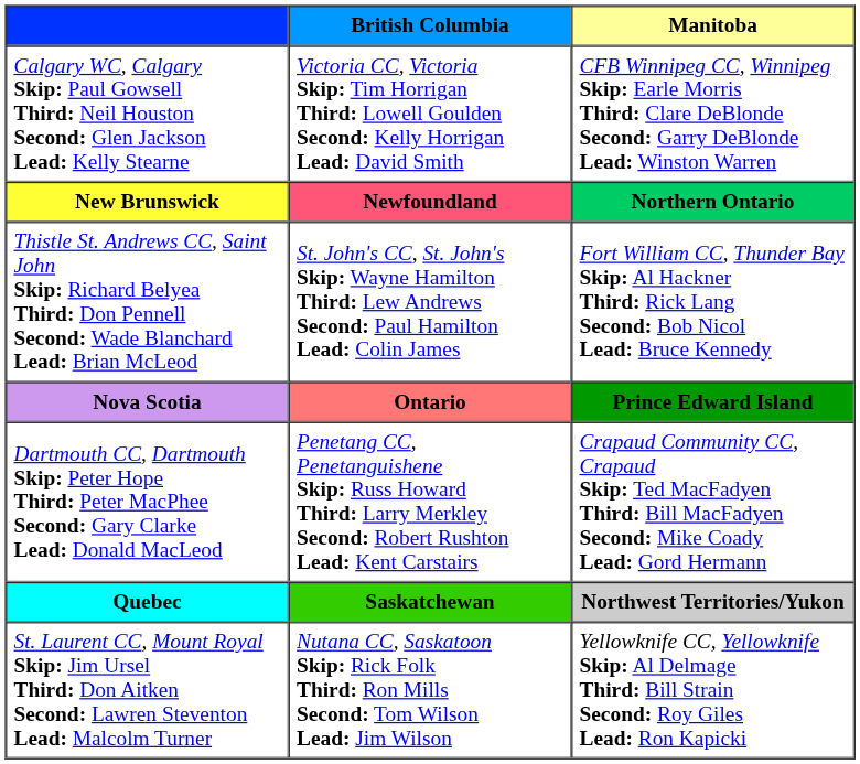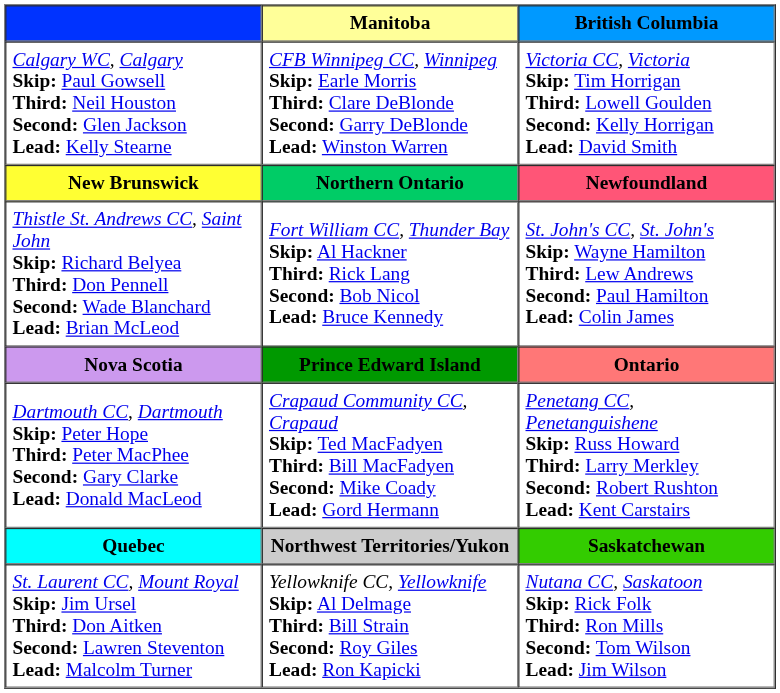 <table border=1 cellpadding=5 cellspacing=0>
 <tr>
 <th style="background:#03f; width:200px;"></th>
+<th style="background:#ff9; width:200px;">Manitoba</th>
 <th style="background:#09f; width:200px;">British Columbia</th>
-<th style="background:#ff9; width:200px;">Manitoba</th>
 </tr>
 <tr>
 <td><em><a href='#'>Calgary WC</a>, <a href='#'>Calgary</a></em><br><strong>Skip:</strong> <a href='#'>Paul Gowsell</a><br> <strong>Third:</strong> <a href='#'>Neil Houston</a><br> <strong>Second:</strong> <a href='#'>Glen Jackson</a><br> <strong>Lead:</strong> <a href='#'>Kelly Stearne</a></td>
+<td><em><a href='#'>CFB Winnipeg CC</a>, <a href='#'>Winnipeg</a></em><br><strong>Skip:</strong> <a href='#'>Earle Morris</a><br> <strong>Third:</strong> <a href='#'>Clare DeBlonde</a><br> <strong>Second:</strong> <a href='#'>Garry DeBlonde</a><br> <strong>Lead:</strong> <a href='#'>Winston Warren</a></td>
 <td><em><a href='#'>Victoria CC</a>, <a href='#'>Victoria</a></em><br><strong>Skip:</strong> <a href='#'>Tim Horrigan</a><br> <strong>Third:</strong> <a href='#'>Lowell Goulden</a><br> <strong>Second:</strong> <a href='#'>Kelly Horrigan</a><br> <strong>Lead:</strong> <a href='#'>David Smith</a></td>
-<td><em><a href='#'>CFB Winnipeg CC</a>, <a href='#'>Winnipeg</a></em><br><strong>Skip:</strong> <a href='#'>Earle Morris</a><br> <strong>Third:</strong> <a href='#'>Clare DeBlonde</a><br> <strong>Second:</strong> <a href='#'>Garry DeBlonde</a><br> <strong>Lead:</strong> <a href='#'>Winston Warren</a></td>
 </tr>
 <tr>
 <th style="background:#ff3; width:200px;">New Brunswick</th>
+<th style="background:#0c6; width:200px;">Northern Ontario</th>
 <th style="background:#f57; width:200px;">Newfoundland</th>
-<th style="background:#0c6; width:200px;">Northern Ontario</th>
 </tr>
 <tr>
 <td><em><a href='#'>Thistle St. Andrews CC</a>, <a href='#'>Saint John</a></em><br><strong>Skip:</strong> <a href='#'>Richard Belyea</a><br> <strong>Third:</strong> <a href='#'>Don Pennell</a><br> <strong>Second:</strong> <a href='#'>Wade Blanchard</a><br> <strong>Lead:</strong> <a href='#'>Brian McLeod</a></td>
+<td><em><a href='#'>Fort William CC</a>, <a href='#'>Thunder Bay</a></em><br><strong>Skip:</strong> <a href='#'>Al Hackner</a><br> <strong>Third:</strong> <a href='#'>Rick Lang</a><br> <strong>Second:</strong> <a href='#'>Bob Nicol</a><br> <strong>Lead:</strong> <a href='#'>Bruce Kennedy</a></td>
 <td><em><a href='#'>St. John's CC</a>, <a href='#'>St. John's</a></em><br><strong>Skip:</strong> <a href='#'>Wayne Hamilton</a><br> <strong>Third:</strong> <a href='#'>Lew Andrews</a><br> <strong>Second:</strong> <a href='#'>Paul Hamilton</a><br> <strong>Lead:</strong> <a href='#'>Colin James</a></td>
-<td><em><a href='#'>Fort William CC</a>, <a href='#'>Thunder Bay</a></em><br><strong>Skip:</strong> <a href='#'>Al Hackner</a><br> <strong>Third:</strong> <a href='#'>Rick Lang</a><br> <strong>Second:</strong> <a href='#'>Bob Nicol</a><br> <strong>Lead:</strong> <a href='#'>Bruce Kennedy</a></td>
 </tr>
 <tr>
 <th style="background:#c9e; width:200px;">Nova Scotia</th>
+<th style="background:#090; width:200px;">Prince Edward Island</th>
 <th style="background:#f77; width:200px;">Ontario</th>
-<th style="background:#090; width:200px;">Prince Edward Island</th>
 </tr>
 <tr>
 <td><em><a href='#'>Dartmouth CC</a>, <a href='#'>Dartmouth</a></em><br><strong>Skip:</strong> <a href='#'>Peter Hope</a><br> <strong>Third:</strong> <a href='#'>Peter MacPhee</a><br> <strong>Second:</strong> <a href='#'>Gary Clarke</a><br> <strong>Lead:</strong> <a href='#'>Donald MacLeod</a></td>
+<td><em><a href='#'>Crapaud Community CC</a>, <a href='#'>Crapaud</a></em><br><strong>Skip:</strong> <a href='#'>Ted MacFadyen</a><br> <strong>Third:</strong> <a href='#'>Bill MacFadyen</a><br> <strong>Second:</strong> <a href='#'>Mike Coady</a><br> <strong>Lead:</strong> <a href='#'>Gord Hermann</a></td>
 <td><em><a href='#'>Penetang CC</a>, <a href='#'>Penetanguishene</a></em><br><strong>Skip:</strong> <a href='#'>Russ Howard</a><br> <strong>Third:</strong> <a href='#'>Larry Merkley</a><br> <strong>Second:</strong> <a href='#'>Robert Rushton</a><br> <strong>Lead:</strong> <a href='#'>Kent Carstairs</a></td>
-<td><em><a href='#'>Crapaud Community CC</a>, <a href='#'>Crapaud</a></em><br><strong>Skip:</strong> <a href='#'>Ted MacFadyen</a><br> <strong>Third:</strong> <a href='#'>Bill MacFadyen</a><br> <strong>Second:</strong> <a href='#'>Mike Coady</a><br> <strong>Lead:</strong> <a href='#'>Gord Hermann</a></td>
 </tr>
 <tr>
 <th style="background:#0ff; width:200px;">Quebec</th>
+<th style="background:#ccc; width:200px;">Northwest Territories/Yukon</th>
 <th style="background:#3c0; width:200px;">Saskatchewan</th>
-<th style="background:#ccc; width:200px;">Northwest Territories/Yukon</th>
 </tr>
 <tr>
 <td><em><a href='#'>St. Laurent CC</a>, <a href='#'>Mount Royal</a></em><br><strong>Skip:</strong> <a href='#'>Jim Ursel</a><br> <strong>Third:</strong> <a href='#'>Don Aitken</a><br> <strong>Second:</strong> <a href='#'>Lawren Steventon</a><br> <strong>Lead:</strong> <a href='#'>Malcolm Turner</a></td>
+<td><em>Yellowknife CC, <a href='#'>Yellowknife</a></em><br><strong>Skip:</strong> <a href='#'>Al Delmage</a><br> <strong>Third:</strong> <a href='#'>Bill Strain</a><br> <strong>Second:</strong> <a href='#'>Roy Giles</a><br> <strong>Lead:</strong> <a href='#'>Ron Kapicki</a></td>
 <td><em><a href='#'>Nutana CC</a>, <a href='#'>Saskatoon</a></em><br><strong>Skip:</strong> <a href='#'>Rick Folk</a><br> <strong>Third:</strong> <a href='#'>Ron Mills</a><br> <strong>Second:</strong> <a href='#'>Tom Wilson</a><br> <strong>Lead:</strong> <a href='#'>Jim Wilson</a></td>
-<td><em>Yellowknife CC, <a href='#'>Yellowknife</a></em><br><strong>Skip:</strong> <a href='#'>Al Delmage</a><br> <strong>Third:</strong> <a href='#'>Bill Strain</a><br> <strong>Second:</strong> <a href='#'>Roy Giles</a><br> <strong>Lead:</strong> <a href='#'>Ron Kapicki</a></td>
 </tr>
 </table>
